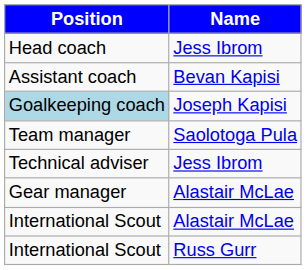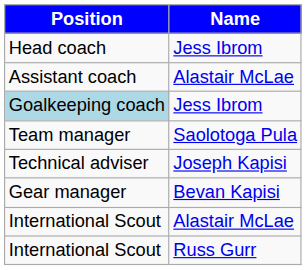 <table class=wikitable>
 <tr>
 <th style=color:#FFFFFF;background:#0000FF>Position</th>
 <th style=color:#FFFFFF;background:#0000FF>Name</th>
 </tr>
 <tr>
 <td>Head coach</td>
 <td> <a href='#'>Jess Ibrom</a></td>
 </tr>
 <tr>
 <td>Assistant coach</td>
-<td> <a href='#'>Bevan Kapisi</a></td>
+<td> <a href='#'>Alastair McLae</a></td>
 </tr>
 <tr>
 <td style="background: lightblue;">Goalkeeping coach</td>
-<td> <a href='#'>Joseph Kapisi</a></td>
+<td> <a href='#'>Jess Ibrom</a></td>
 </tr>
 <tr>
 <td>Team manager</td>
 <td> <a href='#'>Saolotoga Pula</a></td>
 </tr>
 <tr>
 <td>Technical adviser</td>
-<td> <a href='#'>Jess Ibrom</a></td>
+<td> <a href='#'>Joseph Kapisi</a></td>
 </tr>
 <tr>
 <td>Gear manager</td>
-<td> <a href='#'>Alastair McLae</a></td>
+<td> <a href='#'>Bevan Kapisi</a></td>
 </tr>
 <tr>
 <td>International Scout</td>
 <td> <a href='#'>Alastair McLae</a></td>
 </tr>
 <tr>
 <td>International Scout</td>
 <td> <a href='#'>Russ Gurr</a></td>
 </tr>
 </table>
